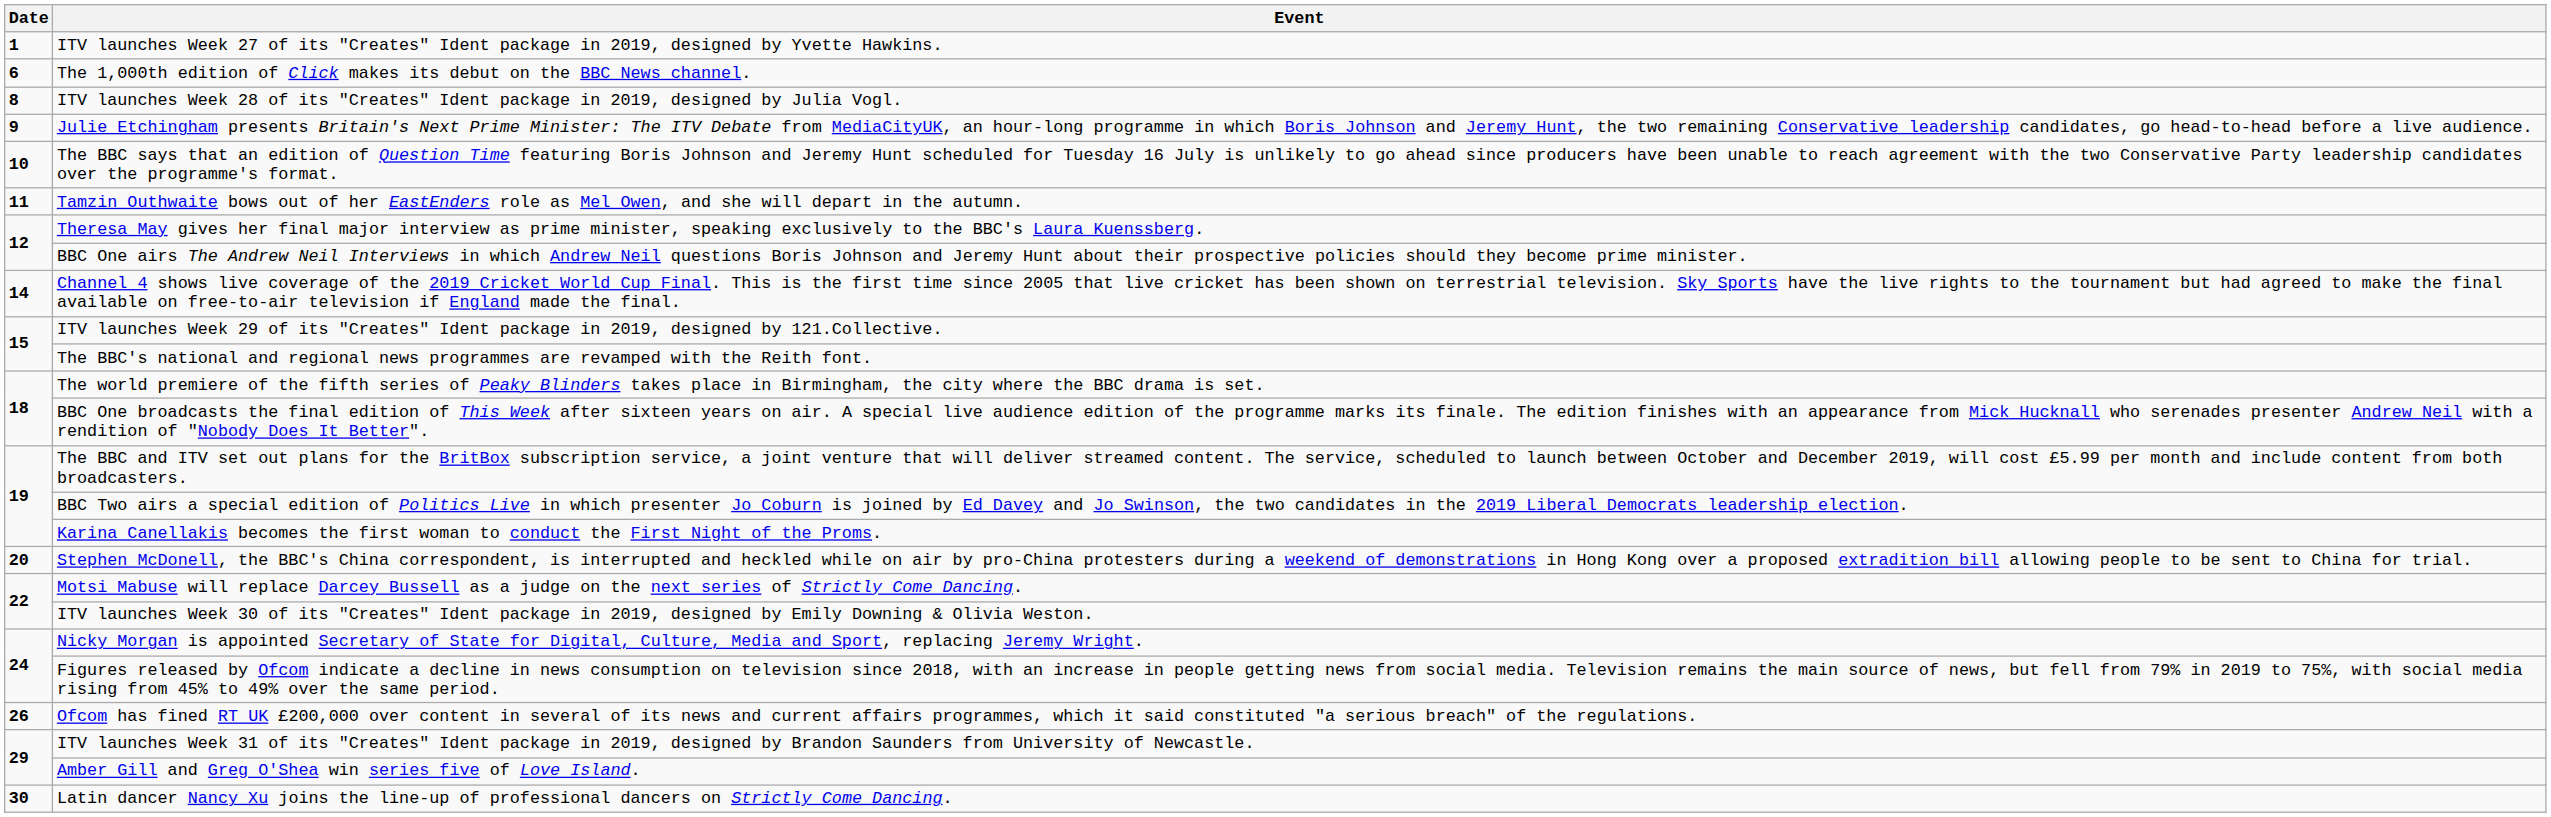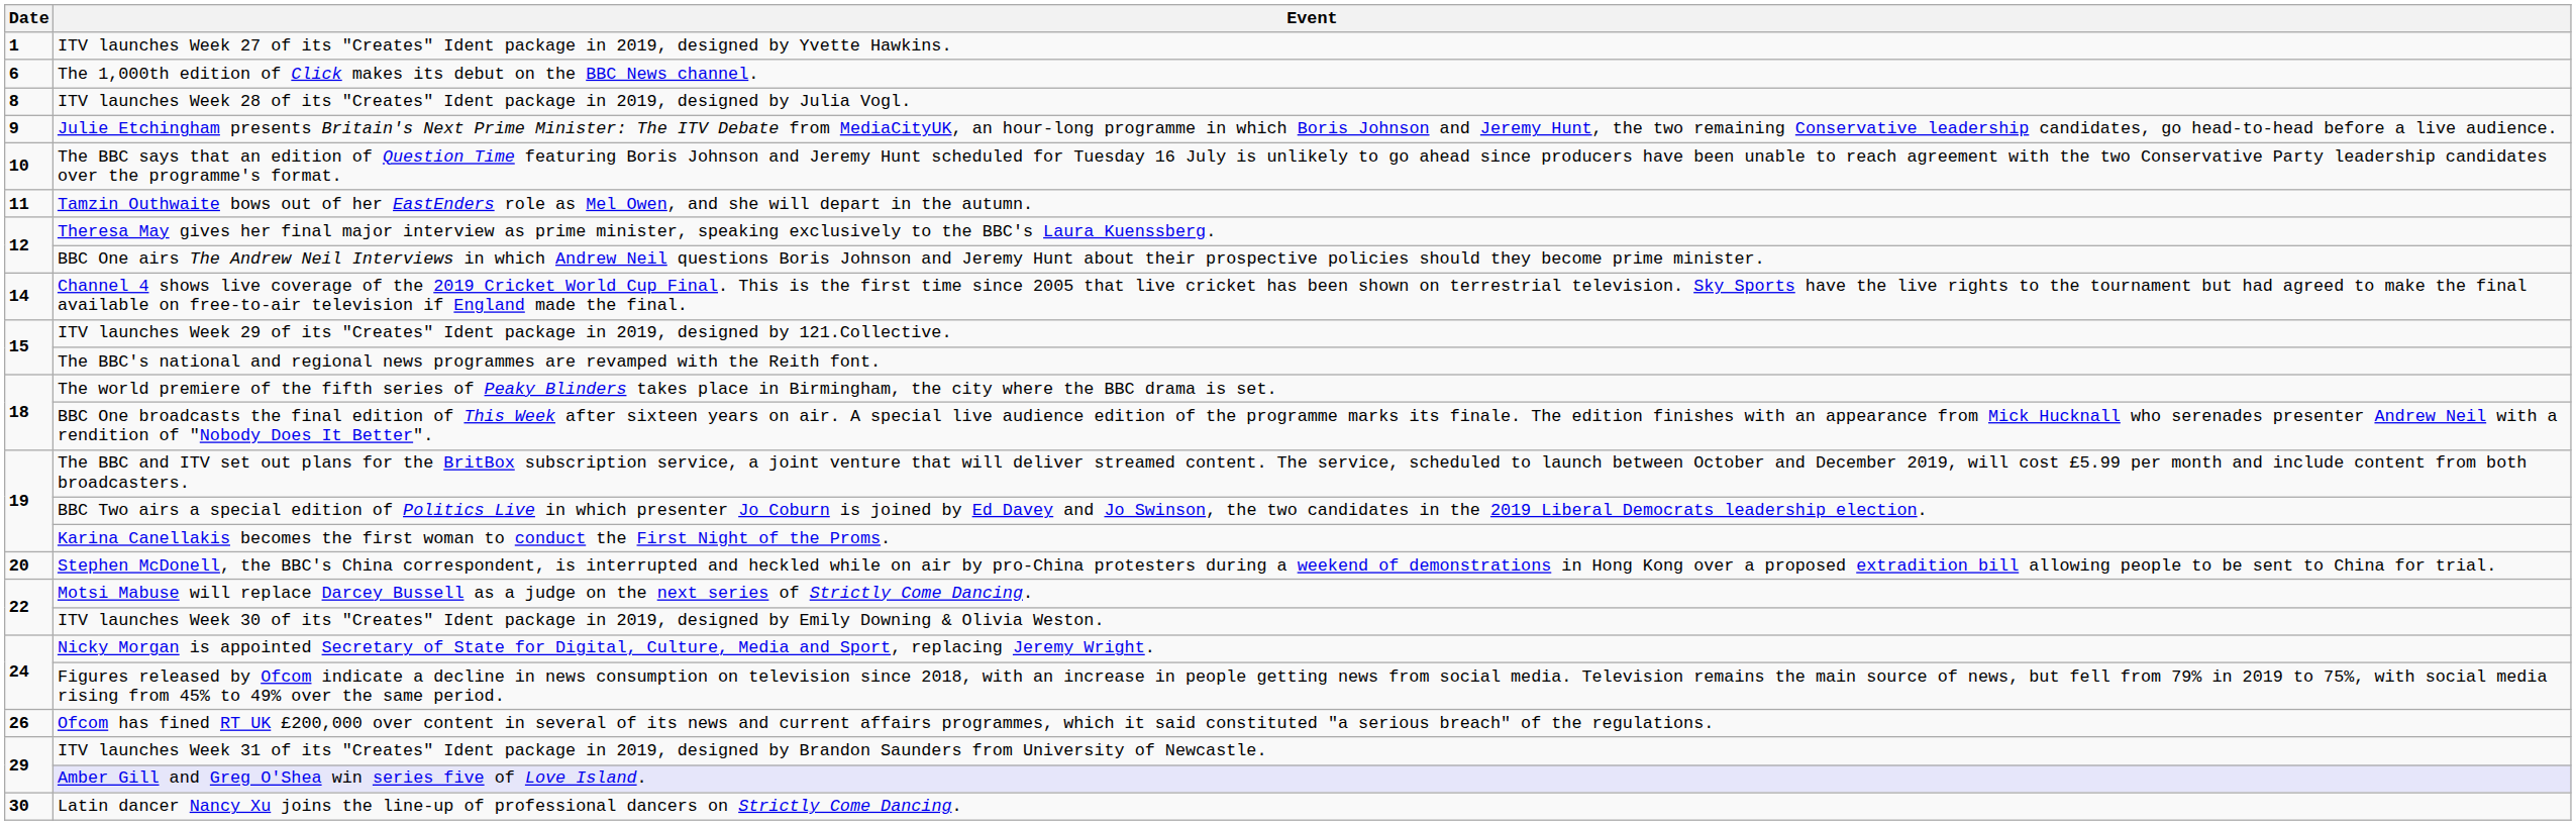 <table class="wikitable">
 <tr>
 <th>Date</th>
 <th>Event</th>
 </tr>
 <tr>
 <td><strong>1</strong></td>
 <td>ITV launches Week 27 of its "Creates" Ident package in 2019, designed by Yvette Hawkins.</td>
 </tr>
 <tr>
 <td><strong>6</strong></td>
 <td>The 1,000th edition of <em><a href='#'>Click</a></em> makes its debut on the <a href='#'>BBC News channel</a>.</td>
 </tr>
 <tr>
 <td><strong>8</strong></td>
 <td>ITV launches Week 28 of its "Creates" Ident package in 2019, designed by Julia Vogl.</td>
 </tr>
 <tr>
 <td><strong>9</strong></td>
 <td><a href='#'>Julie Etchingham</a> presents <em>Britain's Next Prime Minister: The ITV Debate</em> from <a href='#'>MediaCityUK</a>, an hour-long programme in which <a href='#'>Boris Johnson</a> and <a href='#'>Jeremy Hunt</a>, the two remaining <a href='#'>Conservative leadership</a> candidates, go head-to-head before a live audience.</td>
 </tr>
 <tr>
 <td><strong>10</strong></td>
 <td>The BBC says that an edition of <em><a href='#'>Question Time</a></em> featuring Boris Johnson and Jeremy Hunt scheduled for Tuesday 16 July is unlikely to go ahead since producers have been unable to reach agreement with the two Conservative Party leadership candidates over the programme's format.</td>
 </tr>
 <tr>
 <td><strong>11</strong></td>
 <td><a href='#'>Tamzin Outhwaite</a> bows out of her <em><a href='#'>EastEnders</a></em> role as <a href='#'>Mel Owen</a>, and she will depart in the autumn.</td>
 </tr>
 <tr>
 <td rowspan=2><strong>12</strong></td>
 <td><a href='#'>Theresa May</a> gives her final major interview as prime minister, speaking exclusively to the BBC's <a href='#'>Laura Kuenssberg</a>.</td>
 </tr>
 <tr>
 <td>BBC One airs <em>The Andrew Neil Interviews</em> in which <a href='#'>Andrew Neil</a> questions Boris Johnson and Jeremy Hunt about their prospective policies should they become prime minister.</td>
 </tr>
 <tr>
 <td><strong>14</strong></td>
 <td><a href='#'>Channel 4</a> shows live coverage of the <a href='#'>2019 Cricket World Cup Final</a>. This is the first time since 2005 that live cricket has been shown on terrestrial television. <a href='#'>Sky Sports</a> have the live rights to the tournament but had agreed to make the final available on free-to-air television if <a href='#'>England</a> made the final.</td>
 </tr>
 <tr>
 <td rowspan=2><strong>15</strong></td>
 <td>ITV launches Week 29 of its "Creates" Ident package in 2019, designed by 121.Collective.</td>
 </tr>
 <tr>
 <td>The BBC's national and regional news programmes are revamped with the Reith font.</td>
 </tr>
 <tr>
 <td rowspan=2><strong>18</strong></td>
 <td>The world premiere of the fifth series of <em><a href='#'>Peaky Blinders</a></em> takes place in Birmingham, the city where the BBC drama is set.</td>
 </tr>
 <tr>
 <td>BBC One broadcasts the final edition of <em><a href='#'>This Week</a></em> after sixteen years on air. A special live audience edition of the programme marks its finale. The edition finishes with an appearance from <a href='#'>Mick Hucknall</a> who serenades presenter <a href='#'>Andrew Neil</a> with a rendition of "<a href='#'>Nobody Does It Better</a>".</td>
 </tr>
 <tr>
 <td rowspan=3><strong>19</strong></td>
 <td>The BBC and ITV set out plans for the <a href='#'>BritBox</a> subscription service, a joint venture that will deliver streamed content. The service, scheduled to launch between October and December 2019, will cost £5.99 per month and include content from both broadcasters.</td>
 </tr>
 <tr>
 <td>BBC Two airs a special edition of <em><a href='#'>Politics Live</a></em> in which presenter <a href='#'>Jo Coburn</a> is joined by <a href='#'>Ed Davey</a> and <a href='#'>Jo Swinson</a>, the two candidates in the <a href='#'>2019 Liberal Democrats leadership election</a>.</td>
 </tr>
 <tr>
 <td><a href='#'>Karina Canellakis</a> becomes the first woman to <a href='#'>conduct</a> the <a href='#'>First Night of the Proms</a>.</td>
 </tr>
 <tr>
 <td><strong>20</strong></td>
 <td><a href='#'>Stephen McDonell</a>, the BBC's China correspondent, is interrupted and heckled while on air by pro-China protesters during a <a href='#'>weekend of demonstrations</a> in Hong Kong over a proposed <a href='#'>extradition bill</a> allowing people to be sent to China for trial.</td>
 </tr>
 <tr>
 <td rowspan=2><strong>22</strong></td>
 <td><a href='#'>Motsi Mabuse</a> will replace <a href='#'>Darcey Bussell</a> as a judge on the <a href='#'>next series</a> of <em><a href='#'>Strictly Come Dancing</a></em>.</td>
 </tr>
 <tr>
 <td>ITV launches Week 30 of its "Creates" Ident package in 2019, designed by Emily Downing & Olivia Weston.</td>
 </tr>
 <tr>
 <td rowspan=2><strong>24</strong></td>
 <td><a href='#'>Nicky Morgan</a> is appointed <a href='#'>Secretary of State for Digital, Culture, Media and Sport</a>, replacing <a href='#'>Jeremy Wright</a>.</td>
 </tr>
 <tr>
 <td>Figures released by <a href='#'>Ofcom</a> indicate a decline in news consumption on television since 2018, with an increase in people getting news from social media. Television remains the main source of news, but fell from 79% in 2019 to 75%, with social media rising from 45% to 49% over the same period.</td>
 </tr>
 <tr>
 <td><strong>26</strong></td>
 <td><a href='#'>Ofcom</a> has fined <a href='#'>RT UK</a> £200,000 over content in several of its news and current affairs programmes, which it said constituted "a serious breach" of the regulations.</td>
 </tr>
 <tr>
 <td rowspan=2><strong>29</strong></td>
 <td>ITV launches Week 31 of its "Creates" Ident package in 2019, designed by Brandon Saunders from University of Newcastle.</td>
 </tr>
 <tr>
-<td><a href='#'>Amber Gill</a> and <a href='#'>Greg O'Shea</a> win <a href='#'>series five</a> of <em><a href='#'>Love Island</a></em>.</td>
+<td style="background: lavender;"><a href='#'>Amber Gill</a> and <a href='#'>Greg O'Shea</a> win <a href='#'>series five</a> of <em><a href='#'>Love Island</a></em>.</td>
 </tr>
 <tr>
 <td><strong>30</strong></td>
 <td>Latin dancer <a href='#'>Nancy Xu</a> joins the line-up of professional dancers on <em><a href='#'>Strictly Come Dancing</a></em>.</td>
 </tr>
 </table>
